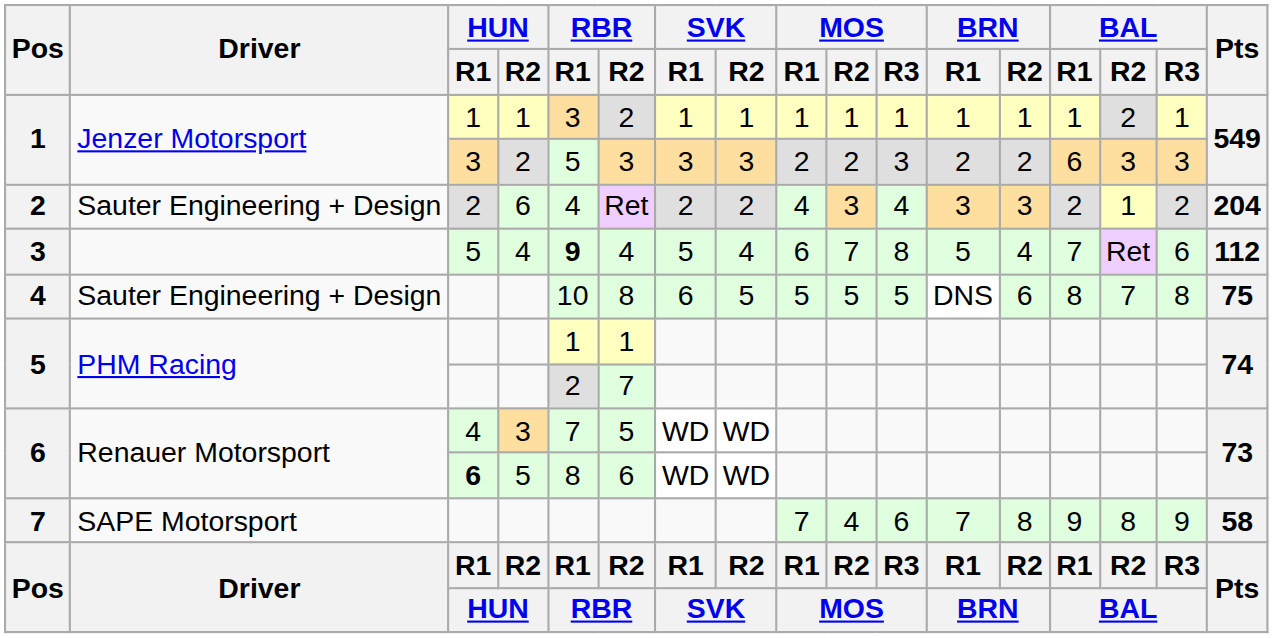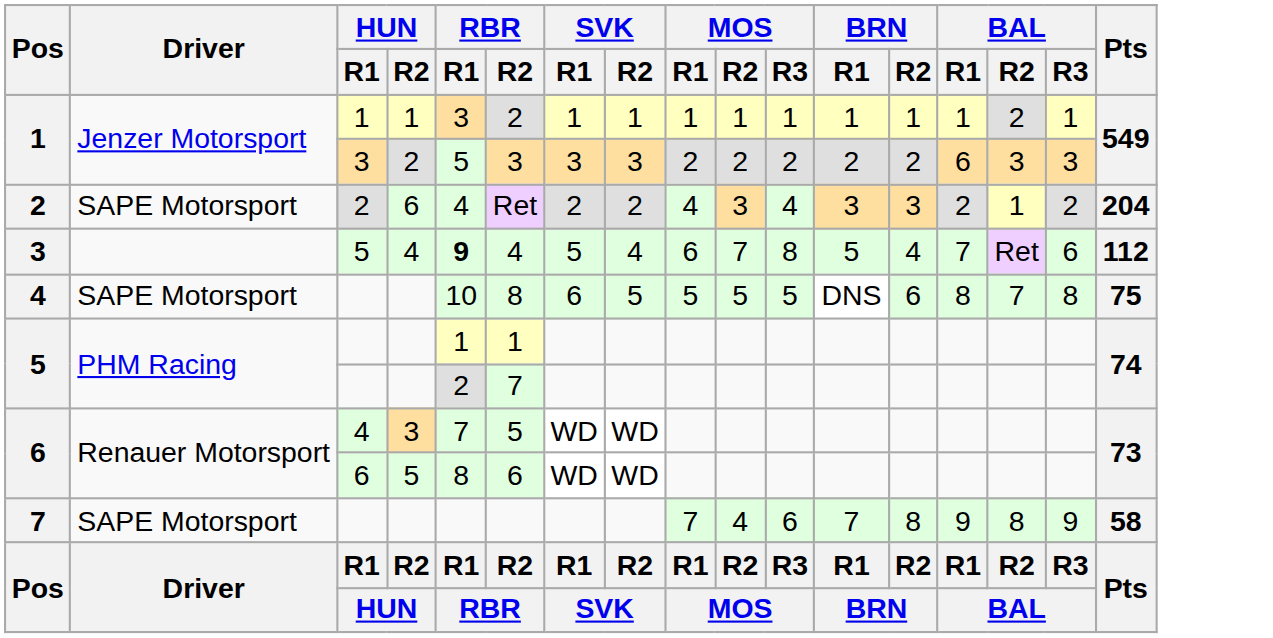 <table class="wikitable" style="font-size: 85%; text-align:center">
 <tr>
 <th rowspan=2>Pos</th>
 <th rowspan=2>Driver</th>
 <th colspan=2><a href='#'>HUN</a><br></th>
 <th colspan=2><a href='#'>RBR</a><br></th>
 <th colspan=2><a href='#'>SVK</a><br></th>
 <th colspan=3><a href='#'>MOS</a><br></th>
 <th colspan=2><a href='#'>BRN</a><br></th>
 <th colspan=3><a href='#'>BAL</a><br></th>
 <th rowspan=2>Pts</th>
 </tr>
 <tr>
 <th>R1</th>
 <th>R2</th>
 <th>R1</th>
 <th>R2</th>
 <th>R1</th>
 <th>R2</th>
 <th>R1</th>
 <th>R2</th>
 <th>R3</th>
 <th>R1</th>
 <th>R2</th>
 <th>R1</th>
 <th>R2</th>
 <th>R3</th>
 </tr>
 <tr>
 <th rowspan=2>1</th>
 <td rowspan=2 style="text-align:left"> <a href='#'>Jenzer Motorsport</a></td>
 <td style="background:#ffffbf">1</td>
 <td style="background:#ffffbf">1</td>
 <td style="background:#ffdf9f">3</td>
 <td style="background:#dfdfdf">2</td>
 <td style="background:#ffffbf">1</td>
 <td style="background:#ffffbf">1</td>
 <td style="background:#ffffbf">1</td>
 <td style="background:#ffffbf">1</td>
 <td style="background:#ffffbf">1</td>
 <td style="background:#ffffbf">1</td>
 <td style="background:#ffffbf">1</td>
 <td style="background:#ffffbf">1</td>
 <td style="background:#dfdfdf">2</td>
 <td style="background:#ffffbf">1</td>
 <th rowspan=2>549</th>
 </tr>
 <tr>
 <td style="background:#ffdf9f">3</td>
 <td style="background:#dfdfdf">2</td>
 <td style="background:#dfffdf">5</td>
 <td style="background:#ffdf9f">3</td>
 <td style="background:#ffdf9f">3</td>
 <td style="background:#ffdf9f">3</td>
 <td style="background:#dfdfdf">2</td>
 <td style="background:#dfdfdf">2</td>
-<td style="background:#dfdfdf">3</td>
+<td style="background:#dfdfdf">2</td>
 <td style="background:#dfdfdf">2</td>
 <td style="background:#dfdfdf">2</td>
 <td style="background:#ffdf9f">6</td>
 <td style="background:#ffdf9f">3</td>
 <td style="background:#ffdf9f">3</td>
 </tr>
 <tr>
 <th>2</th>
-<td style="text-align:left"> Sauter Engineering + Design</td>
+<td style="text-align:left"> SAPE Motorsport</td>
 <td style="background:#dfdfdf">2</td>
 <td style="background:#dfffdf">6</td>
 <td style="background:#dfffdf">4</td>
 <td style="background:#efcfff">Ret</td>
 <td style="background:#dfdfdf">2</td>
 <td style="background:#dfdfdf">2</td>
 <td style="background:#dfffdf">4</td>
 <td style="background:#ffdf9f">3</td>
 <td style="background:#dfffdf">4</td>
 <td style="background:#ffdf9f">3</td>
 <td style="background:#ffdf9f">3</td>
 <td style="background:#dfdfdf">2</td>
 <td style="background:#ffffbf">1</td>
 <td style="background:#dfdfdf">2</td>
 <th>204</th>
 </tr>
 <tr>
 <th>3</th>
 <td style="text-align:left"></td>
 <td style="background:#dfffdf">5</td>
 <td style="background:#dfffdf">4</td>
 <td style="background:#dfffdf"><strong>9</strong></td>
 <td style="background:#dfffdf">4</td>
 <td style="background:#dfffdf">5</td>
 <td style="background:#dfffdf">4</td>
 <td style="background:#dfffdf">6</td>
 <td style="background:#dfffdf">7</td>
 <td style="background:#dfffdf">8</td>
 <td style="background:#dfffdf">5</td>
 <td style="background:#dfffdf">4</td>
 <td style="background:#dfffdf">7</td>
 <td style="background:#efcfff">Ret</td>
 <td style="background:#dfffdf">6</td>
 <th>112</th>
 </tr>
 <tr>
 <th>4</th>
-<td style="text-align:left"> Sauter Engineering + Design</td>
+<td style="text-align:left"> SAPE Motorsport</td>
 <td></td>
 <td></td>
 <td style="background:#dfffdf">10</td>
 <td style="background:#dfffdf">8</td>
 <td style="background:#dfffdf">6</td>
 <td style="background:#dfffdf">5</td>
 <td style="background:#dfffdf">5</td>
 <td style="background:#dfffdf">5</td>
 <td style="background:#dfffdf">5</td>
 <td style="background:#ffffff">DNS</td>
 <td style="background:#dfffdf">6</td>
 <td style="background:#dfffdf">8</td>
 <td style="background:#dfffdf">7</td>
 <td style="background:#dfffdf">8</td>
 <th>75</th>
 </tr>
 <tr>
 <th rowspan="2">5</th>
 <td rowspan="2" style="text-align:left"> <a href='#'>PHM Racing</a></td>
 <td></td>
 <td></td>
 <td style="background:#ffffbf">1</td>
 <td style="background:#ffffbf">1</td>
 <td></td>
 <td></td>
 <td></td>
 <td></td>
 <td></td>
 <td></td>
 <td></td>
 <td></td>
 <td></td>
 <td></td>
 <th rowspan="2">74</th>
 </tr>
 <tr>
 <td></td>
 <td></td>
 <td style="background:#dfdfdf">2</td>
 <td style="background:#dfffdf">7</td>
 <td></td>
 <td></td>
 <td></td>
 <td></td>
 <td></td>
 <td></td>
 <td></td>
 <td></td>
 <td></td>
 <td></td>
 </tr>
 <tr>
 <th rowspan=2>6</th>
 <td rowspan=2 style="text-align:left"> Renauer Motorsport</td>
 <td style="background:#dfffdf">4</td>
 <td style="background:#ffdf9f">3</td>
 <td style="background:#dfffdf">7</td>
 <td style="background:#dfffdf">5</td>
 <td style="background:#ffffff">WD</td>
 <td style="background:#ffffff">WD</td>
 <td></td>
 <td></td>
 <td></td>
 <td></td>
 <td></td>
 <td></td>
 <td></td>
 <td></td>
 <th rowspan=2>73</th>
 </tr>
 <tr>
-<td style="background:#dfffdf"><strong>6</strong></td>
+<td style="background:#dfffdf">6</td>
 <td style="background:#dfffdf">5</td>
 <td style="background:#dfffdf">8</td>
 <td style="background:#dfffdf">6</td>
 <td style="background:#ffffff">WD</td>
 <td style="background:#ffffff">WD</td>
 <td></td>
 <td></td>
 <td></td>
 <td></td>
 <td></td>
 <td></td>
 <td></td>
 <td></td>
 </tr>
 <tr>
 <th>7</th>
 <td style="text-align:left"> SAPE Motorsport</td>
 <td></td>
 <td></td>
 <td></td>
 <td></td>
 <td></td>
 <td></td>
 <td style="background:#dfffdf">7</td>
 <td style="background:#dfffdf">4</td>
 <td style="background:#dfffdf">6</td>
 <td style="background:#dfffdf">7</td>
 <td style="background:#dfffdf">8</td>
 <td style="background:#dfffdf">9</td>
 <td style="background:#dfffdf">8</td>
 <td style="background:#dfffdf">9</td>
 <th>58</th>
 </tr>
 <tr>
 <th rowspan=2>Pos</th>
 <th rowspan=2>Driver</th>
 <th>R1</th>
 <th>R2</th>
 <th>R1</th>
 <th>R2</th>
 <th>R1</th>
 <th>R2</th>
 <th>R1</th>
 <th>R2</th>
 <th>R3</th>
 <th>R1</th>
 <th>R2</th>
 <th>R1</th>
 <th>R2</th>
 <th>R3</th>
 <th rowspan=2>Pts</th>
 </tr>
 <tr>
 <th colspan=2><a href='#'>HUN</a><br></th>
 <th colspan=2><a href='#'>RBR</a><br></th>
 <th colspan=2><a href='#'>SVK</a><br></th>
 <th colspan=3><a href='#'>MOS</a><br></th>
 <th colspan=2><a href='#'>BRN</a><br></th>
 <th colspan=3><a href='#'>BAL</a><br></th>
 </tr>
 </table>
